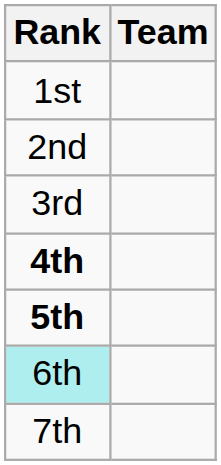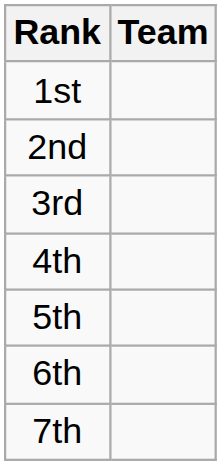 <table class="wikitable" align="center"|>
 <tr>
 <th>Rank</th>
 <th>Team</th>
 </tr>
 <tr align="center">
 <td>1st</td>
 <td align="left"></td>
 </tr>
 <tr align="center">
 <td>2nd</td>
 <td align="left"></td>
 </tr>
 <tr align="center">
 <td>3rd</td>
 <td align="left"></td>
 </tr>
 <tr align="center">
-<td><strong>4th</strong></td>
+<td>4th</td>
 <td align="left"></td>
 </tr>
 <tr align="center">
-<td><strong>5th</strong></td>
+<td>5th</td>
 <td align="left"></td>
 </tr>
 <tr align="center">
-<td style="background: paleturquoise;">6th</td>
+<td>6th</td>
 <td align="left"></td>
 </tr>
 <tr align="center">
 <td>7th</td>
 <td align="left"></td>
 </tr>
 </table>
